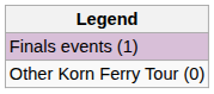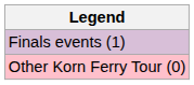 <table class="wikitable" style="font-size:95%;">
 <tr>
 <th>Legend</th>
 </tr>
 <tr style="background:#D8BFD8;">
 <td>Finals events (1)</td>
 </tr>
 <tr>
-<td>Other Korn Ferry Tour (0)</td>
+<td style="background: pink;">Other Korn Ferry Tour (0)</td>
 </tr>
 </table>
